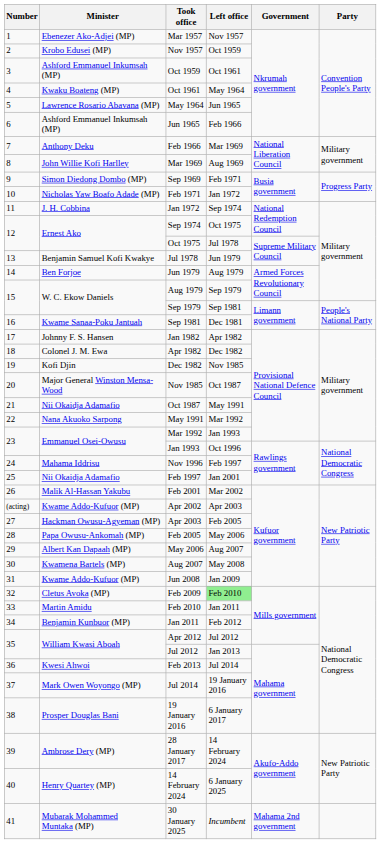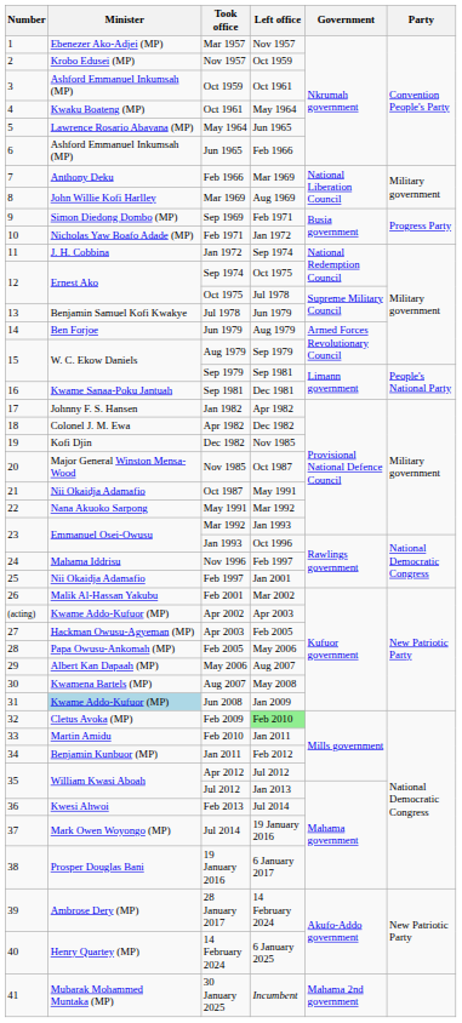 <table class="wikitable" style="font-size:90%; text-align:left;">
 <tr>
 <th>Number</th>
 <th width=200>Minister</th>
 <th>Took office</th>
 <th>Left office</th>
 <th>Government</th>
 <th>Party</th>
 </tr>
 <tr>
 <td>1</td>
 <td><a href='#'>Ebenezer Ako-Adjei</a> (MP)</td>
 <td>Mar 1957</td>
 <td>Nov 1957</td>
 <td rowspan=6><a href='#'>Nkrumah government</a></td>
 <td rowspan=6><a href='#'>Convention People's Party</a></td>
 </tr>
 <tr>
 <td>2</td>
 <td><a href='#'>Krobo Edusei</a> (MP)</td>
 <td>Nov 1957</td>
 <td>Oct 1959</td>
 </tr>
 <tr>
 <td>3</td>
 <td><a href='#'>Ashford Emmanuel Inkumsah</a> (MP)</td>
 <td>Oct 1959</td>
 <td>Oct 1961</td>
 </tr>
 <tr>
 <td>4</td>
 <td><a href='#'>Kwaku Boateng</a> (MP)</td>
 <td>Oct 1961</td>
 <td>May 1964</td>
 </tr>
 <tr>
 <td>5</td>
 <td><a href='#'>Lawrence Rosario Abavana</a> (MP)</td>
 <td>May 1964</td>
 <td>Jun 1965</td>
 </tr>
 <tr>
 <td>6</td>
 <td>Ashford Emmanuel Inkumsah (MP)</td>
 <td>Jun 1965</td>
 <td>Feb 1966</td>
 </tr>
 <tr>
 <td>7</td>
 <td><a href='#'>Anthony Deku</a></td>
 <td>Feb 1966</td>
 <td>Mar 1969</td>
 <td rowspan=2><a href='#'>National Liberation Council</a></td>
 <td rowspan=2>Military government</td>
 </tr>
 <tr>
 <td>8</td>
 <td><a href='#'>John Willie Kofi Harlley</a></td>
 <td>Mar 1969</td>
 <td>Aug 1969</td>
 </tr>
 <tr>
 <td>9</td>
 <td><a href='#'>Simon Diedong Dombo</a> (MP)</td>
 <td>Sep 1969</td>
 <td>Feb 1971</td>
 <td rowspan=2><a href='#'>Busia government</a></td>
 <td rowspan=2><a href='#'>Progress Party</a></td>
 </tr>
 <tr>
 <td>10</td>
 <td><a href='#'>Nicholas Yaw Boafo Adade</a> (MP)</td>
 <td>Feb 1971</td>
 <td>Jan 1972</td>
 </tr>
 <tr>
 <td>11</td>
 <td><a href='#'>J. H. Cobbina</a></td>
 <td>Jan 1972</td>
 <td>Sep 1974</td>
 <td rowspan=2><a href='#'>National Redemption Council</a></td>
 <td rowspan=6>Military government</td>
 </tr>
 <tr>
 <td rowspan=2>12</td>
 <td rowspan=2><a href='#'>Ernest Ako</a></td>
 <td>Sep 1974</td>
 <td>Oct 1975</td>
 </tr>
 <tr>
 <td>Oct 1975</td>
 <td>Jul 1978</td>
 <td rowspan=2><a href='#'>Supreme Military Council</a></td>
 </tr>
 <tr>
 <td>13</td>
 <td>Benjamin Samuel Kofi Kwakye</td>
 <td>Jul 1978</td>
 <td>Jun 1979</td>
 </tr>
 <tr>
 <td>14</td>
 <td><a href='#'>Ben Forjoe</a></td>
 <td>Jun 1979</td>
 <td>Aug 1979</td>
 <td rowspan=2><a href='#'>Armed Forces Revolutionary Council</a></td>
 </tr>
 <tr>
 <td rowspan=2>15</td>
 <td rowspan=2>W. C. Ekow Daniels</td>
 <td>Aug 1979</td>
 <td>Sep 1979</td>
 </tr>
 <tr>
 <td>Sep 1979</td>
 <td>Sep 1981</td>
 <td rowspan=2><a href='#'>Limann government</a></td>
 <td rowspan=2><a href='#'>People's National Party</a></td>
 </tr>
 <tr>
 <td>16</td>
 <td><a href='#'>Kwame Sanaa-Poku Jantuah</a></td>
 <td>Sep 1981</td>
 <td>Dec 1981</td>
 </tr>
 <tr>
 <td>17</td>
 <td>Johnny F. S. Hansen</td>
 <td>Jan 1982</td>
 <td>Apr 1982</td>
 <td rowspan=7><a href='#'>Provisional National Defence Council</a></td>
 <td rowspan=7>Military government</td>
 </tr>
 <tr>
 <td>18</td>
 <td>Colonel J. M. Ewa</td>
 <td>Apr 1982</td>
 <td>Dec 1982</td>
 </tr>
 <tr>
 <td>19</td>
 <td>Kofi Djin</td>
 <td>Dec 1982</td>
 <td>Nov 1985</td>
 </tr>
 <tr>
 <td>20</td>
 <td>Major General <a href='#'>Winston Mensa-Wood</a></td>
 <td>Nov 1985</td>
 <td>Oct 1987</td>
 </tr>
 <tr>
 <td>21</td>
 <td><a href='#'>Nii Okaidja Adamafio</a></td>
 <td>Oct 1987</td>
 <td>May 1991</td>
 </tr>
 <tr>
 <td>22</td>
 <td><a href='#'>Nana Akuoko Sarpong</a></td>
 <td>May 1991</td>
 <td>Mar 1992</td>
 </tr>
 <tr>
 <td rowspan=2>23</td>
 <td rowspan=2><a href='#'>Emmanuel Osei-Owusu</a></td>
 <td>Mar 1992</td>
 <td>Jan 1993</td>
 </tr>
 <tr>
 <td>Jan 1993</td>
 <td>Oct 1996</td>
 <td rowspan=3><a href='#'>Rawlings government</a></td>
 <td rowspan=3><a href='#'>National Democratic Congress</a></td>
 </tr>
 <tr>
 <td>24</td>
 <td><a href='#'>Mahama Iddrisu</a></td>
 <td>Nov 1996</td>
 <td>Feb 1997</td>
 </tr>
 <tr>
 <td>25</td>
 <td><a href='#'>Nii Okaidja Adamafio</a></td>
 <td>Feb 1997</td>
 <td>Jan 2001</td>
 </tr>
 <tr>
 <td>26</td>
 <td><a href='#'>Malik Al-Hassan Yakubu</a></td>
 <td>Feb 2001</td>
 <td>Mar 2002</td>
 <td rowspan=7><a href='#'>Kufuor government</a></td>
 <td rowspan=7><a href='#'>New Patriotic Party</a></td>
 </tr>
 <tr>
 <td><small>(acting)</small></td>
 <td><a href='#'>Kwame Addo-Kufuor</a> (MP)</td>
 <td>Apr 2002</td>
 <td>Apr 2003</td>
 </tr>
 <tr>
 <td>27</td>
 <td><a href='#'>Hackman Owusu-Agyeman</a> (MP)</td>
 <td>Apr 2003</td>
 <td>Feb 2005</td>
 </tr>
 <tr>
 <td>28</td>
 <td><a href='#'>Papa Owusu-Ankomah</a> (MP)</td>
 <td>Feb 2005</td>
 <td>May 2006</td>
 </tr>
 <tr>
 <td>29</td>
 <td><a href='#'>Albert Kan Dapaah</a> (MP)</td>
 <td>May 2006</td>
 <td>Aug 2007</td>
 </tr>
 <tr>
 <td>30</td>
 <td><a href='#'>Kwamena Bartels</a> (MP)</td>
 <td>Aug 2007</td>
 <td>May 2008</td>
 </tr>
 <tr>
 <td>31</td>
-<td><a href='#'>Kwame Addo-Kufuor</a> (MP)</td>
+<td style="background: lightblue;"><a href='#'>Kwame Addo-Kufuor</a> (MP)</td>
 <td>Jun 2008</td>
 <td>Jan 2009</td>
 </tr>
 <tr>
 <td>32</td>
 <td><a href='#'>Cletus Avoka</a> (MP)</td>
 <td>Feb 2009</td>
 <td style="background: lightgreen;">Feb 2010</td>
 <td rowspan=4><a href='#'>Mills government</a></td>
 <td rowspan="8">National Democratic Congress</td>
 </tr>
 <tr>
 <td>33</td>
 <td><a href='#'>Martin Amidu</a></td>
 <td>Feb 2010</td>
 <td>Jan 2011</td>
 </tr>
 <tr>
 <td>34</td>
 <td><a href='#'>Benjamin Kunbuor</a> (MP)</td>
 <td>Jan 2011</td>
 <td>Feb 2012</td>
 </tr>
 <tr>
 <td rowspan=2>35</td>
 <td rowspan=2><a href='#'>William Kwasi Aboah</a></td>
 <td>Apr 2012</td>
 <td>Jul 2012</td>
 </tr>
 <tr>
 <td>Jul 2012</td>
 <td>Jan 2013</td>
 <td rowspan="4"><a href='#'>Mahama government</a></td>
 </tr>
 <tr>
 <td>36</td>
 <td><a href='#'>Kwesi Ahwoi</a></td>
 <td>Feb 2013</td>
 <td>Jul 2014</td>
 </tr>
 <tr>
 <td>37</td>
 <td><a href='#'>Mark Owen Woyongo</a> (MP)</td>
 <td>Jul 2014</td>
 <td>19 January 2016</td>
 </tr>
 <tr>
 <td>38</td>
 <td><a href='#'>Prosper Douglas Bani</a></td>
 <td>19 January 2016</td>
 <td>6 January 2017</td>
 </tr>
 <tr>
 <td>39</td>
 <td><a href='#'>Ambrose Dery</a> (MP)</td>
 <td>28 January 2017</td>
 <td>14 February 2024</td>
 <td rowspan=2><a href='#'>Akufo-Addo government</a></td>
 <td rowspan=2>New Patriotic Party</td>
 </tr>
 <tr>
 <td>40</td>
 <td><a href='#'>Henry Quartey</a> (MP)</td>
 <td>14 February 2024</td>
 <td>6 January 2025</td>
 </tr>
 <tr>
 <td>41</td>
 <td><a href='#'>Mubarak Mohammed Muntaka</a> (MP)</td>
 <td>30 January 2025</td>
 <td><em>Incumbent</em></td>
 <td><a href='#'>Mahama 2nd government</a></td>
 </tr>
 </table>
